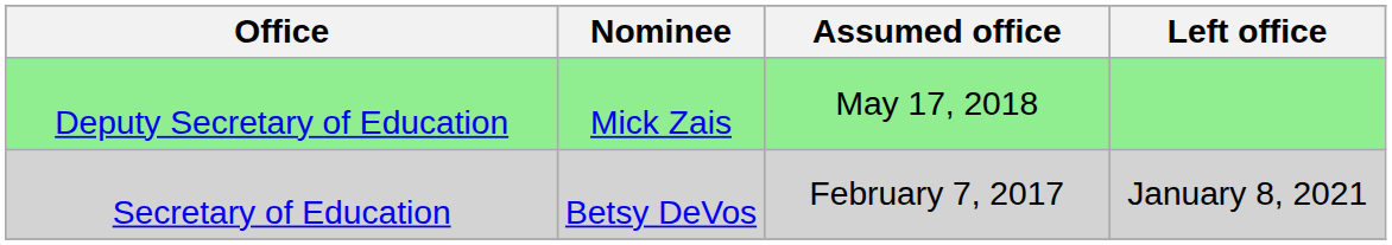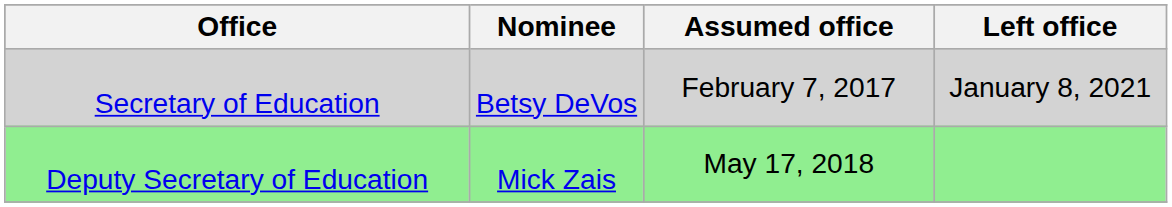 <table class="wikitable sortable" style="text-align:center">
 <tr>
 <th style="width:40%;">Office</th>
 <th style="width:15%;">Nominee</th>
 <th style="width:25%;" data-sort- type="date">Assumed office</th>
 <th style="width:20%;" data-sort- type="date">Left office</th>
 </tr>
+<tr style="background:lightgray">
+<td><br><a href='#'>Secretary of Education</a></td>
+<td><br><a href='#'>Betsy DeVos</a></td>
+<td>February 7, 2017<br></td>
+<td>January 8, 2021</td>
+</tr>
 <tr style="background:lightgreen">
 <td><br><a href='#'>Deputy Secretary of Education</a></td>
 <td><br><a href='#'>Mick Zais</a></td>
 <td>May 17, 2018<br></td>
 <td></td>
 </tr>
-<tr style="background:lightgray">
-<td><br><a href='#'>Secretary of Education</a></td>
-<td><br><a href='#'>Betsy DeVos</a></td>
-<td>February 7, 2017<br></td>
-<td>January 8, 2021</td>
-</tr>
 </table>
